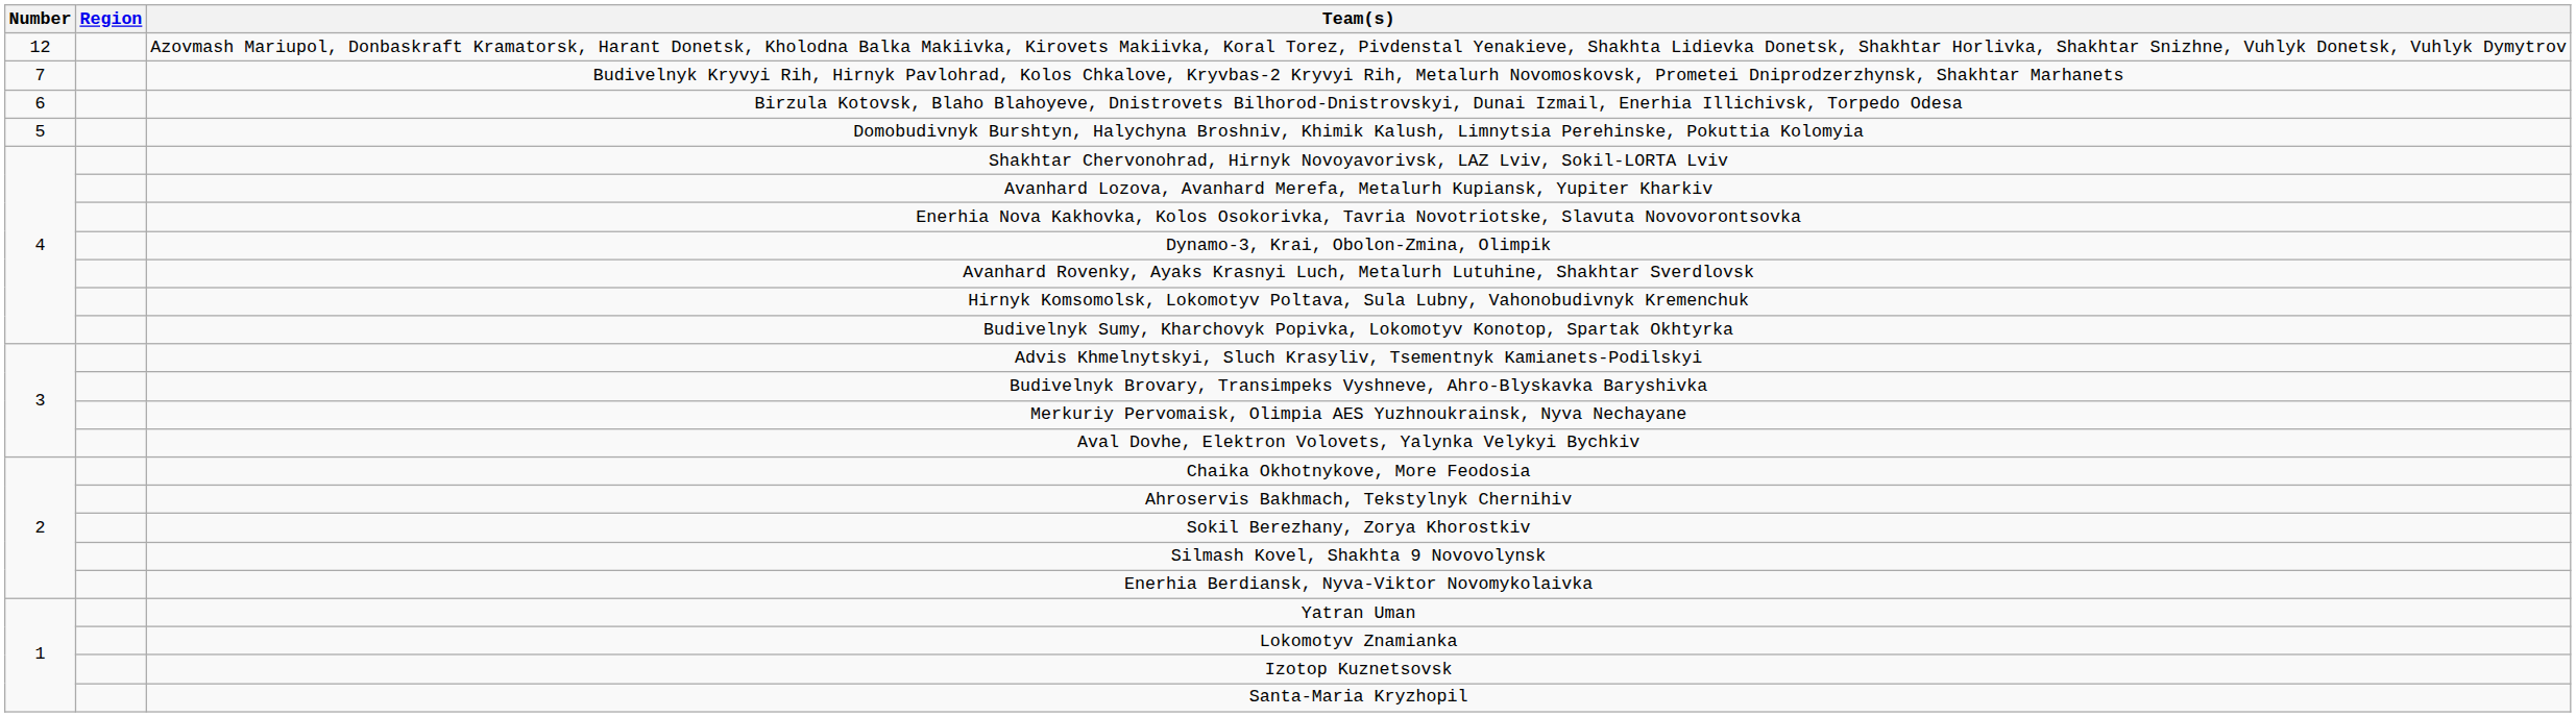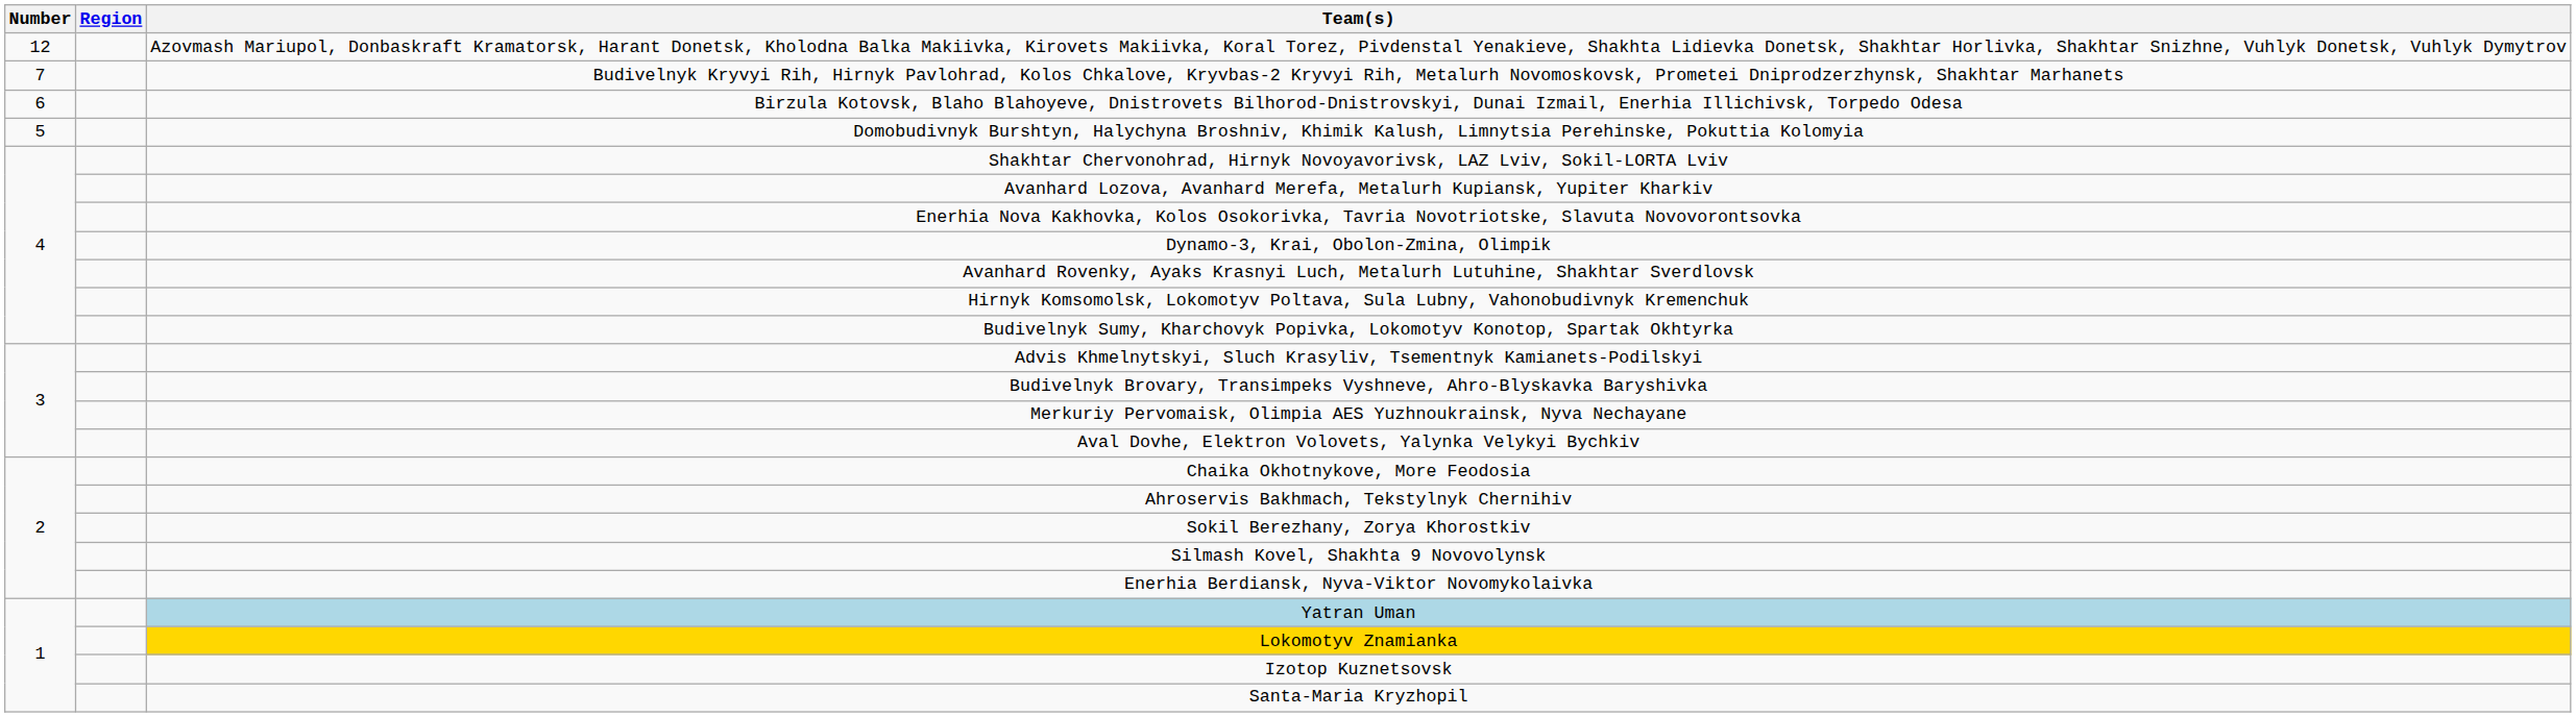 <table class="wikitable" style="text-align:center">
 <tr>
 <th>Number</th>
 <th><a href='#'>Region</a></th>
 <th>Team(s)</th>
 </tr>
 <tr>
 <td rowspan="1">12</td>
 <td align="left"></td>
 <td>Azovmash Mariupol, Donbaskraft Kramatorsk, Harant Donetsk, Kholodna Balka Makiivka, Kirovets Makiivka, Koral Torez, Pivdenstal Yenakieve, Shakhta Lidievka Donetsk, Shakhtar Horlivka, Shakhtar Snizhne, Vuhlyk Donetsk, Vuhlyk Dymytrov</td>
 </tr>
 <tr>
 <td rowspan="1">7</td>
 <td align="left"></td>
 <td>Budivelnyk Kryvyi Rih, Hirnyk Pavlohrad, Kolos Chkalove, Kryvbas-2 Kryvyi Rih, Metalurh Novomoskovsk, Prometei Dniprodzerzhynsk, Shakhtar Marhanets</td>
 </tr>
 <tr>
 <td rowspan="1">6</td>
 <td align="left"></td>
 <td>Birzula Kotovsk, Blaho Blahoyeve, Dnistrovets Bilhorod-Dnistrovskyi, Dunai Izmail, Enerhia Illichivsk, Torpedo Odesa</td>
 </tr>
 <tr>
 <td rowspan="1">5</td>
 <td align="left"></td>
 <td>Domobudivnyk Burshtyn, Halychyna Broshniv, Khimik Kalush, Limnytsia Perehinske, Pokuttia Kolomyia</td>
 </tr>
 <tr>
 <td rowspan="7">4</td>
 <td align="left"></td>
 <td>Shakhtar Chervonohrad, Hirnyk Novoyavorivsk, LAZ Lviv, Sokil-LORTA Lviv</td>
 </tr>
 <tr>
 <td align="left"></td>
 <td>Avanhard Lozova, Avanhard Merefa, Metalurh Kupiansk, Yupiter Kharkiv</td>
 </tr>
 <tr>
 <td align="left"></td>
 <td>Enerhia Nova Kakhovka, Kolos Osokorivka, Tavria Novotriotske, Slavuta Novovorontsovka</td>
 </tr>
 <tr>
 <td align="left"></td>
 <td>Dynamo-3, Krai, Obolon-Zmina, Olimpik</td>
 </tr>
 <tr>
 <td align="left"></td>
 <td>Avanhard Rovenky, Ayaks Krasnyi Luch, Metalurh Lutuhine, Shakhtar Sverdlovsk</td>
 </tr>
 <tr>
 <td align="left"></td>
 <td>Hirnyk Komsomolsk, Lokomotyv Poltava, Sula Lubny, Vahonobudivnyk Kremenchuk</td>
 </tr>
 <tr>
 <td align="left"></td>
 <td>Budivelnyk Sumy, Kharchovyk Popivka, Lokomotyv Konotop, Spartak Okhtyrka</td>
 </tr>
 <tr>
 <td rowspan="4">3</td>
 <td align="left"></td>
 <td>Advis Khmelnytskyi, Sluch Krasyliv, Tsementnyk Kamianets-Podilskyi</td>
 </tr>
 <tr>
 <td align="left"></td>
 <td>Budivelnyk Brovary, Transimpeks Vyshneve, Ahro-Blyskavka Baryshivka</td>
 </tr>
 <tr>
 <td align="left"></td>
 <td>Merkuriy Pervomaisk, Olimpia AES Yuzhnoukrainsk, Nyva Nechayane</td>
 </tr>
 <tr>
 <td align="left"></td>
 <td>Aval Dovhe, Elektron Volovets, Yalynka Velykyi Bychkiv</td>
 </tr>
 <tr>
 <td rowspan="5">2</td>
 <td align="left"></td>
 <td>Chaika Okhotnykove, More Feodosia</td>
 </tr>
 <tr>
 <td align="left"></td>
 <td>Ahroservis Bakhmach, Tekstylnyk Chernihiv</td>
 </tr>
 <tr>
 <td align="left"></td>
 <td>Sokil Berezhany, Zorya Khorostkiv</td>
 </tr>
 <tr>
 <td align="left"></td>
 <td>Silmash Kovel, Shakhta 9 Novovolynsk</td>
 </tr>
 <tr>
 <td align="left"></td>
 <td>Enerhia Berdiansk, Nyva-Viktor Novomykolaivka</td>
 </tr>
 <tr>
 <td rowspan="26">1</td>
 <td align="left"></td>
-<td>Yatran Uman</td>
+<td style="background: lightblue;">Yatran Uman</td>
 </tr>
 <tr>
 <td align="left"></td>
-<td>Lokomotyv Znamianka</td>
+<td style="background: gold;">Lokomotyv Znamianka</td>
 </tr>
 <tr>
 <td align="left"></td>
 <td>Izotop Kuznetsovsk</td>
 </tr>
 <tr>
 <td align="left"></td>
 <td>Santa-Maria Kryzhopil</td>
 </tr>
 </table>
